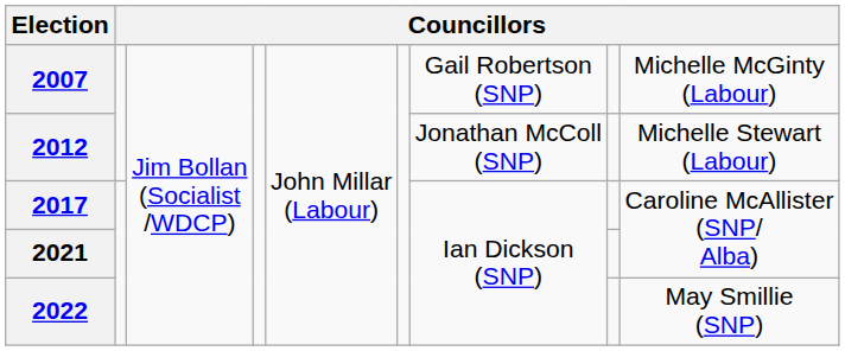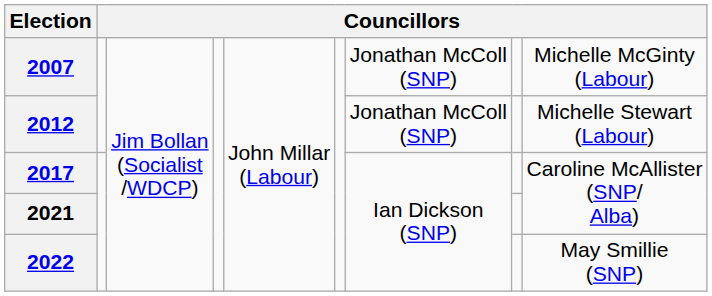 <table class="wikitable" style="text-align:center">
 <tr>
 <th>Election</th>
 <th colspan=8>Councillors</th>
 </tr>
 <tr>
 <th><a href='#'>2007</a></th>
 <td rowspan=2; style="background-color: "></td>
 <td rowspan=5><a href='#'>Jim Bollan</a><br>(<a href='#'>Socialist</a><br>/<a href='#'>WDCP</a>)</td>
 <td rowspan=5; style="background-color: "></td>
 <td rowspan=5>John Millar<br>(<a href='#'>Labour</a>)</td>
 <td rowspan=5; style="background-color: "></td>
-<td rowspan=1>Gail Robertson<br>(<a href='#'>SNP</a>)</td>
+<td rowspan=1>Jonathan McColl<br>(<a href='#'>SNP</a>)</td>
 <td rowspan=1; style="background-color: "></td>
 <td rowspan=1>Michelle McGinty<br>(<a href='#'>Labour</a>)</td>
 </tr>
 <tr>
 <th><a href='#'>2012</a></th>
 <td rowspan=1>Jonathan McColl<br>(<a href='#'>SNP</a>)</td>
 <td rowspan=1; style="background-color: "></td>
 <td rowspan=1>Michelle Stewart<br>(<a href='#'>Labour</a>)</td>
 </tr>
 <tr>
 <th><a href='#'>2017</a></th>
 <td rowspan=3; style="background-color: "></td>
 <td rowspan=3>Ian Dickson<br>(<a href='#'>SNP</a>)</td>
 <td rowspan=1; style="background-color: "></td>
 <td rowspan=2>Caroline McAllister<br>(<a href='#'>SNP</a>/<br><a href='#'>Alba</a>)</td>
 </tr>
 <tr>
 <th>2021</th>
 <td rowspan=1; style="background-color: "></td>
 </tr>
 <tr>
 <th><a href='#'>2022</a></th>
 <td rowspan=1; style="background-color: "></td>
 <td rowspan=1>May Smillie<br>(<a href='#'>SNP</a>)</td>
 </tr>
 </table>
